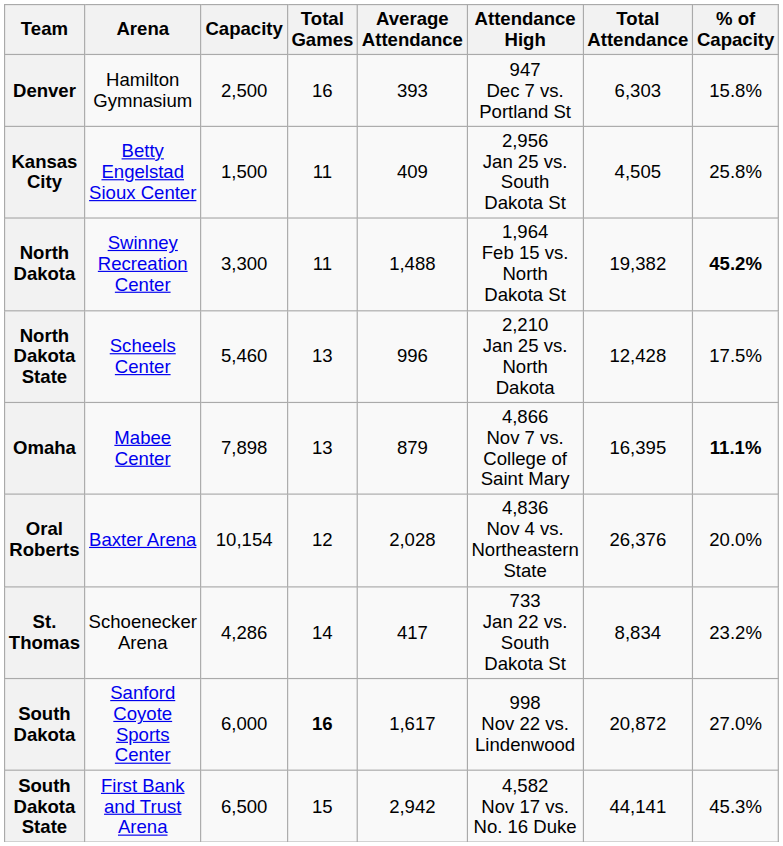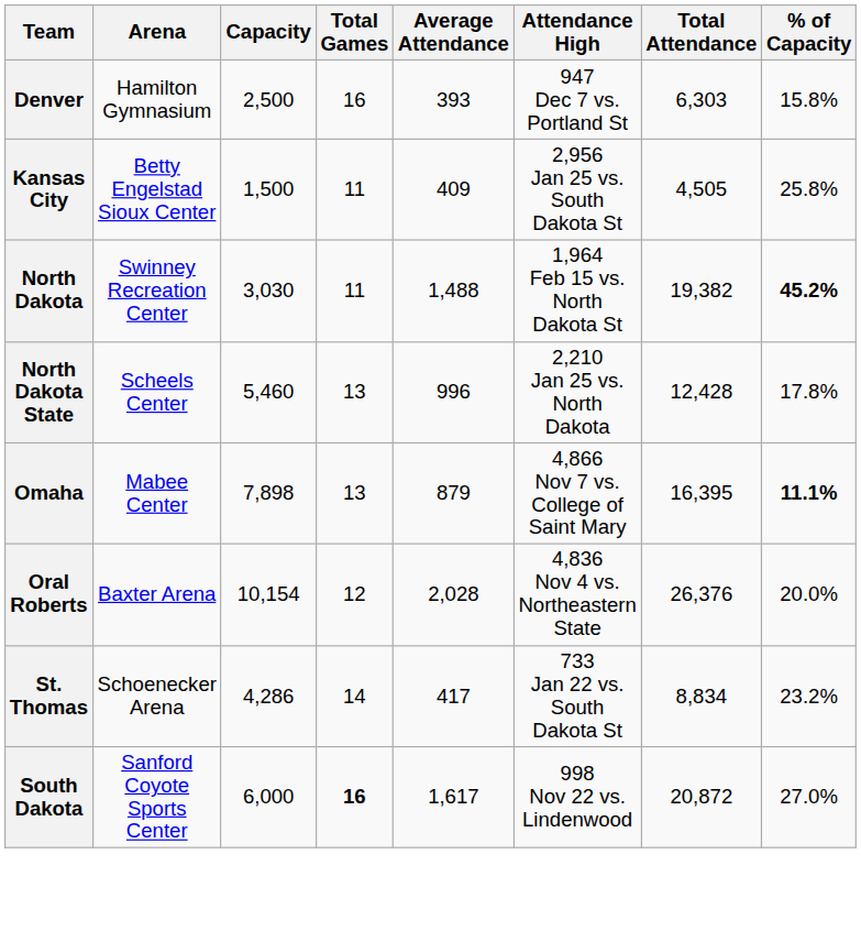 <table class="wikitable sortable" style="text-align:center">
 <tr>
 <th>Team</th>
 <th>Arena</th>
 <th>Capacity</th>
 <th>Total Games</th>
 <th>Average Attendance</th>
 <th>Attendance High</th>
 <th>Total Attendance</th>
 <th>% of Capacity</th>
 </tr>
 <tr>
 <th>Denver</th>
 <td>Hamilton Gymnasium</td>
 <td>2,500</td>
 <td>16</td>
 <td>393</td>
 <td>947<br>Dec 7 vs. Portland St</td>
 <td>6,303</td>
 <td>15.8%</td>
 </tr>
 <tr>
 <th>Kansas City</th>
 <td><a href='#'>Betty Engelstad Sioux Center</a></td>
 <td>1,500</td>
 <td>11</td>
 <td>409</td>
 <td>2,956<br>Jan 25 vs. South Dakota St</td>
 <td>4,505</td>
 <td>25.8%</td>
 </tr>
 <tr>
 <th>North Dakota</th>
 <td><a href='#'>Swinney Recreation Center</a></td>
-<td>3,300</td>
+<td>3,030</td>
 <td>11</td>
 <td>1,488</td>
 <td>1,964<br>Feb 15 vs. North Dakota St</td>
 <td>19,382</td>
 <td><strong>45.2%</strong></td>
 </tr>
 <tr>
 <th>North Dakota State</th>
 <td><a href='#'>Scheels Center</a></td>
 <td>5,460</td>
 <td>13</td>
 <td>996</td>
 <td>2,210<br>Jan 25 vs. North Dakota</td>
 <td>12,428</td>
-<td>17.5%</td>
+<td>17.8%</td>
 </tr>
 <tr>
 <th>Omaha</th>
 <td><a href='#'>Mabee Center</a></td>
 <td>7,898</td>
 <td>13</td>
 <td>879</td>
 <td>4,866<br>Nov 7 vs. College of Saint Mary</td>
 <td>16,395</td>
 <td><strong>11.1%</strong></td>
 </tr>
 <tr>
 <th>Oral Roberts</th>
 <td><a href='#'>Baxter Arena</a></td>
 <td>10,154</td>
 <td>12</td>
 <td>2,028</td>
 <td>4,836<br>Nov 4 vs. Northeastern State</td>
 <td>26,376</td>
 <td>20.0%</td>
 </tr>
 <tr>
 <th>St. Thomas</th>
 <td>Schoenecker Arena</td>
 <td>4,286</td>
 <td>14</td>
 <td>417</td>
 <td>733<br>Jan 22 vs. South Dakota St</td>
 <td>8,834</td>
 <td>23.2%</td>
 </tr>
 <tr>
 <th>South Dakota</th>
 <td><a href='#'>Sanford Coyote Sports Center</a></td>
 <td>6,000</td>
 <td><strong>16</strong></td>
 <td>1,617</td>
 <td>998<br>Nov 22 vs. Lindenwood</td>
 <td>20,872</td>
 <td>27.0%</td>
 </tr>
-<tr>
-<th>South Dakota State</th>
-<td><a href='#'>First Bank and Trust Arena</a></td>
-<td>6,500</td>
-<td>15</td>
-<td>2,942</td>
-<td>4,582<br>Nov 17 vs. No. 16 Duke</td>
-<td>44,141</td>
-<td>45.3%</td>
-</tr>
 </table>
